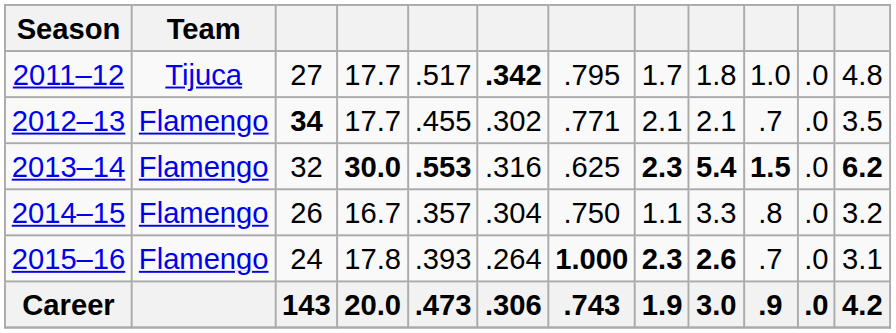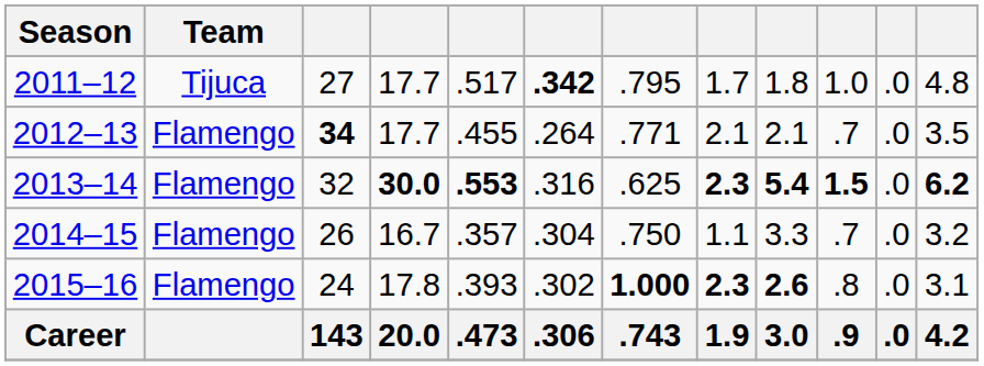 <table class="wikitable sortable" style="font-size:95%; text-align:center;">
 <tr>
 <th>Season</th>
 <th>Team</th>
 <th></th>
 <th></th>
 <th></th>
 <th></th>
 <th></th>
 <th></th>
 <th></th>
 <th></th>
 <th></th>
 <th></th>
 </tr>
 <tr>
 <td><a href='#'>2011–12</a></td>
 <td><a href='#'>Tijuca</a></td>
 <td>27</td>
 <td>17.7</td>
 <td>.517</td>
 <td><strong>.342</strong></td>
 <td>.795</td>
 <td>1.7</td>
 <td>1.8</td>
 <td>1.0</td>
 <td>.0</td>
 <td>4.8</td>
 </tr>
 <tr>
 <td><a href='#'>2012–13</a></td>
 <td><a href='#'>Flamengo</a></td>
 <td><strong>34</strong></td>
 <td>17.7</td>
 <td>.455</td>
-<td>.302</td>
+<td>.264</td>
 <td>.771</td>
 <td>2.1</td>
 <td>2.1</td>
 <td>.7</td>
 <td>.0</td>
 <td>3.5</td>
 </tr>
 <tr>
 <td><a href='#'>2013–14</a></td>
 <td><a href='#'>Flamengo</a></td>
 <td>32</td>
 <td><strong>30.0</strong></td>
 <td><strong>.553</strong></td>
 <td>.316</td>
 <td>.625</td>
 <td><strong>2.3</strong></td>
 <td><strong>5.4</strong></td>
 <td><strong>1.5</strong></td>
 <td>.0</td>
 <td><strong>6.2</strong></td>
 </tr>
 <tr>
 <td><a href='#'>2014–15</a></td>
 <td><a href='#'>Flamengo</a></td>
 <td>26</td>
 <td>16.7</td>
 <td>.357</td>
 <td>.304</td>
 <td>.750</td>
 <td>1.1</td>
 <td>3.3</td>
-<td>.8</td>
+<td>.7</td>
 <td>.0</td>
 <td>3.2</td>
 </tr>
 <tr>
 <td><a href='#'>2015–16</a></td>
 <td><a href='#'>Flamengo</a></td>
 <td>24</td>
 <td>17.8</td>
 <td>.393</td>
-<td>.264</td>
+<td>.302</td>
 <td><strong>1.000</strong></td>
 <td><strong>2.3</strong></td>
 <td><strong>2.6</strong></td>
-<td>.7</td>
+<td>.8</td>
 <td>.0</td>
 <td>3.1</td>
 </tr>
 <tr>
 <th>Career</th>
 <th></th>
 <th>143</th>
 <th>20.0</th>
 <th>.473</th>
 <th>.306</th>
 <th>.743</th>
 <th>1.9</th>
 <th>3.0</th>
 <th>.9</th>
 <th>.0</th>
 <th>4.2</th>
 </tr>
 <tr>
 </tr>
 </table>
